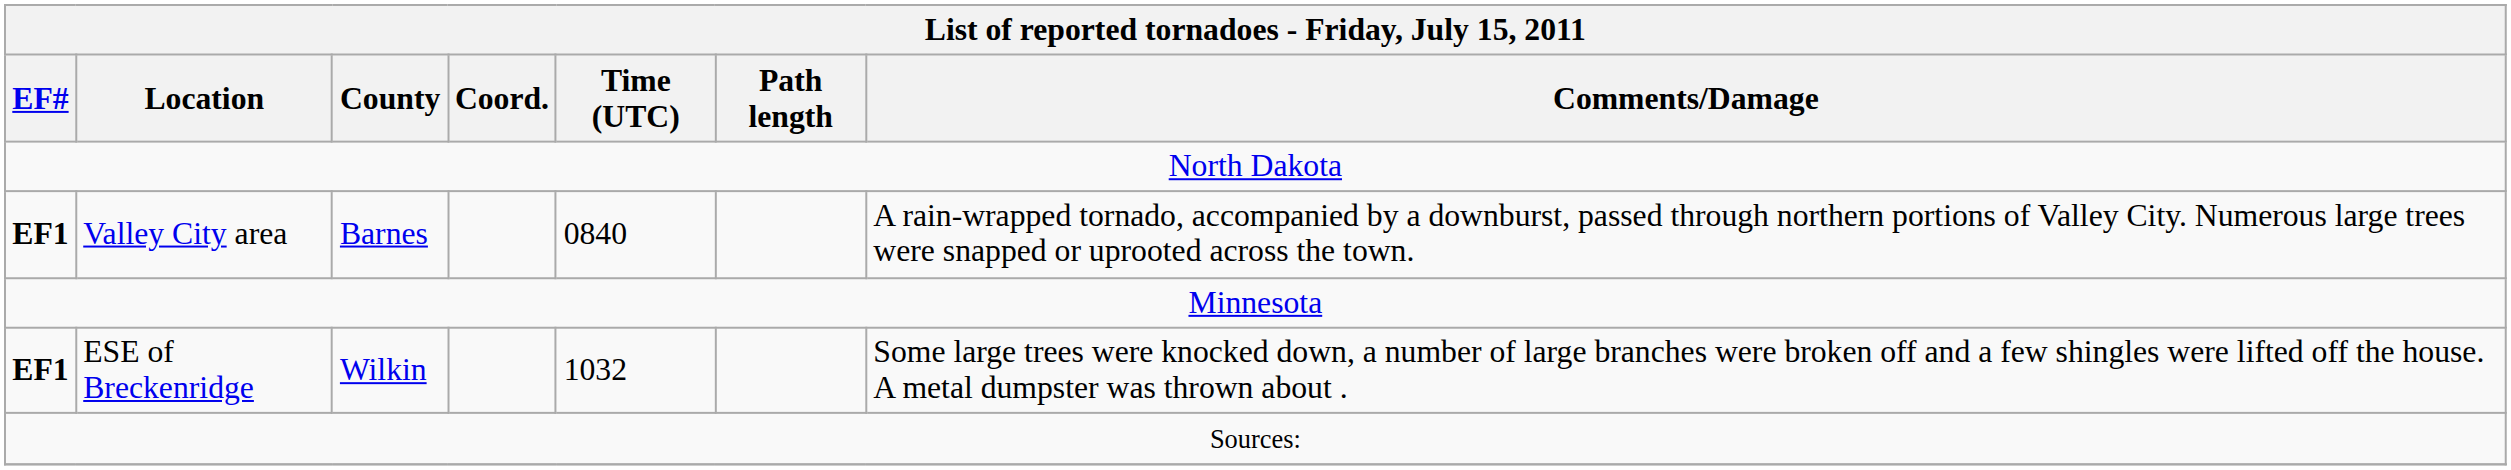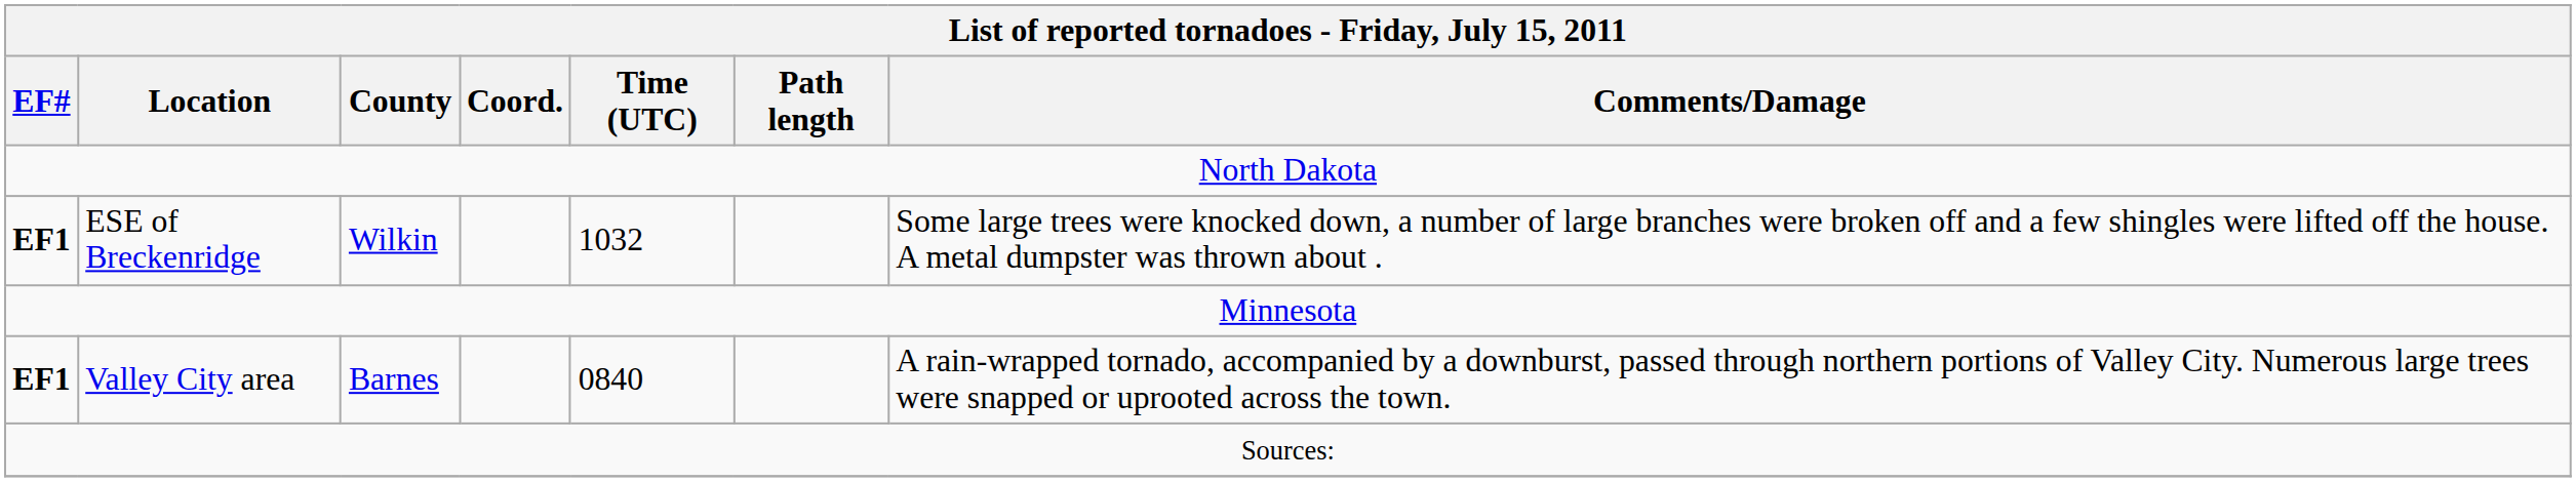 <table class="wikitable collapsible" width="100%">
 <tr>
 <th colspan="7">List of reported tornadoes - Friday, July 15, 2011</th>
 </tr>
 <tr>
 <th><a href='#'>EF#</a></th>
 <th>Location</th>
 <th>County</th>
 <th>Coord.</th>
 <th>Time (UTC)</th>
 <th>Path length</th>
 <th>Comments/Damage</th>
 </tr>
 <tr>
 <td colspan="7" align=center><a href='#'>North Dakota</a></td>
 </tr>
 <tr>
 <td><strong>EF1</strong></td>
+<td>ESE of <a href='#'>Breckenridge</a></td>
+<td><a href='#'>Wilkin</a></td>
+<td></td>
+<td>1032</td>
+<td></td>
+<td>Some large trees were knocked down, a number of large branches were broken off and a few shingles were lifted off the house. A metal dumpster was thrown about .</td>
+</tr>
+<tr>
+<td colspan="7" align=center><a href='#'>Minnesota</a></td>
+</tr>
+<tr>
+<td><strong>EF1</strong></td>
 <td><a href='#'>Valley City</a> area</td>
 <td><a href='#'>Barnes</a></td>
 <td></td>
 <td>0840</td>
 <td></td>
 <td>A rain-wrapped tornado, accompanied by a downburst, passed through northern portions of Valley City. Numerous large trees were snapped or uprooted across the town.</td>
 </tr>
 <tr>
-<td colspan="7" align=center><a href='#'>Minnesota</a></td>
-</tr>
-<tr>
-<td><strong>EF1</strong></td>
-<td>ESE of <a href='#'>Breckenridge</a></td>
-<td><a href='#'>Wilkin</a></td>
-<td></td>
-<td>1032</td>
-<td></td>
-<td>Some large trees were knocked down, a number of large branches were broken off and a few shingles were lifted off the house. A metal dumpster was thrown about .</td>
-</tr>
-<tr>
 <td colspan="7" align=center><small>Sources: </small></td>
 </tr>
 <tr>
 </tr>
 </table>
